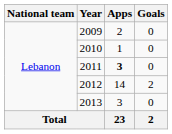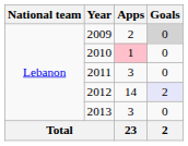 <table class="wikitable" style="text-align:center">
 <tr>
 <th>National team</th>
 <th>Year</th>
 <th>Apps</th>
 <th>Goals</th>
 </tr>
 <tr>
 <td rowspan="5"><a href='#'>Lebanon</a></td>
 <td>2009</td>
 <td>2</td>
-<td>0</td>
+<td style="background: lightgrey;">0</td>
 </tr>
 <tr>
 <td>2010</td>
-<td>1</td>
+<td style="background: pink;">1</td>
 <td>0</td>
 </tr>
 <tr>
 <td>2011</td>
-<td><strong>3</strong></td>
+<td>3</td>
 <td>0</td>
 </tr>
 <tr>
 <td>2012</td>
 <td>14</td>
-<td>2</td>
+<td style="background: lavender;">2</td>
 </tr>
 <tr>
 <td>2013</td>
 <td>3</td>
 <td>0</td>
 </tr>
 <tr>
 <th colspan="2">Total</th>
 <th>23</th>
 <th>2</th>
 </tr>
 </table>
